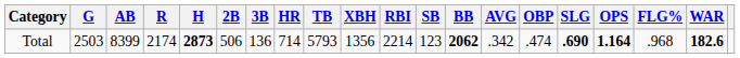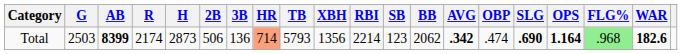 <table class="wikitable" style="font-size:95%;text-align:center;">
 <tr>
 <th>Category</th>
 <th><a href='#'>G</a></th>
 <th><a href='#'>AB</a></th>
 <th><a href='#'>R</a></th>
 <th><a href='#'>H</a></th>
 <th><a href='#'>2B</a></th>
 <th><a href='#'>3B</a></th>
 <th><a href='#'>HR</a></th>
 <th><a href='#'>TB</a></th>
 <th><a href='#'>XBH</a></th>
 <th><a href='#'>RBI</a></th>
 <th><a href='#'>SB</a></th>
 <th><a href='#'>BB</a></th>
 <th><a href='#'>AVG</a></th>
 <th><a href='#'>OBP</a></th>
 <th><a href='#'>SLG</a></th>
 <th><a href='#'>OPS</a></th>
 <th><a href='#'>FLG%</a></th>
 <th><a href='#'>WAR</a></th>
 <th></th>
 </tr>
 <tr>
 <td>Total</td>
 <td>2503</td>
-<td>8399</td>
+<td><strong>8399</strong></td>
 <td>2174</td>
-<td><strong>2873</strong></td>
+<td>2873</td>
 <td>506</td>
 <td>136</td>
-<td>714</td>
+<td style="background: lightsalmon;">714</td>
 <td>5793</td>
 <td>1356</td>
 <td>2214</td>
 <td>123</td>
-<td><strong>2062</strong></td>
-<td>.342</td>
+<td>2062</td>
+<td><strong>.342</strong></td>
 <td>.474</td>
 <td><strong>.690</strong></td>
 <td><strong>1.164</strong></td>
-<td>.968</td>
+<td style="background: lightgreen;">.968</td>
 <td><strong>182.6</strong></td>
 <td></td>
 </tr>
 </table>
